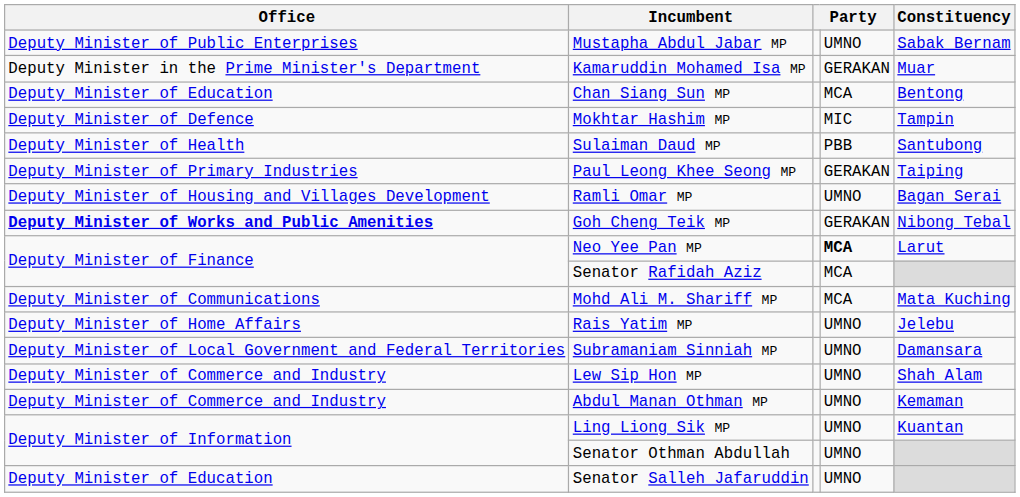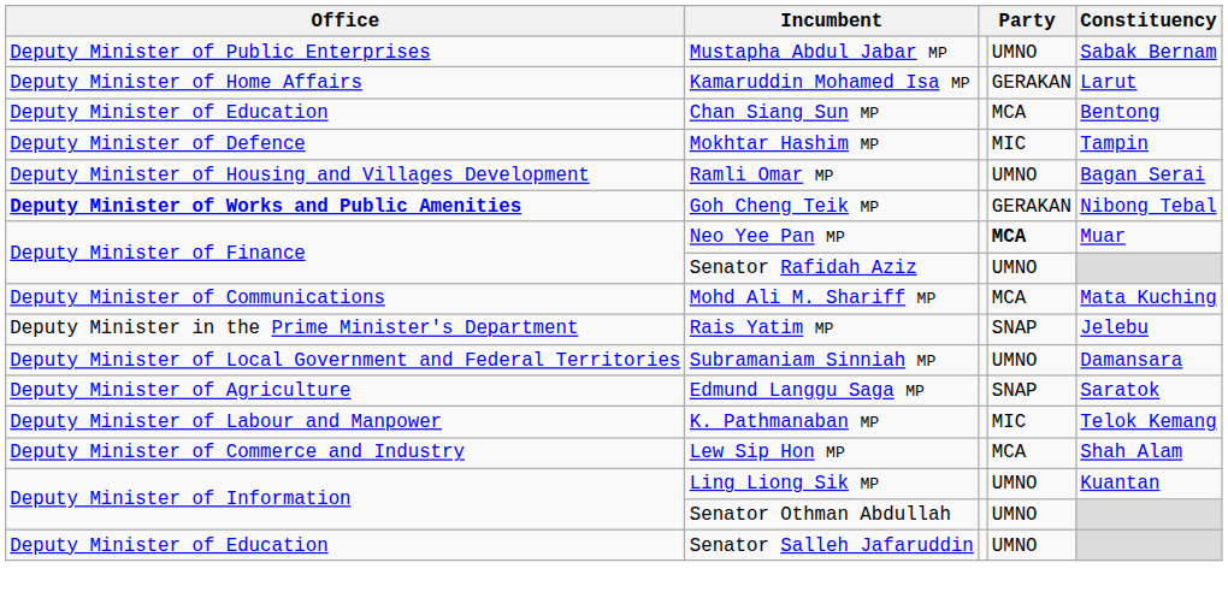 <table class="sortable wikitable">
 <tr>
 <th>Office</th>
 <th>Incumbent</th>
 <th colspan=2>Party</th>
 <th>Constituency</th>
 </tr>
 <tr>
 <td><a href='#'>Deputy Minister of Public Enterprises</a></td>
 <td><a href='#'>Mustapha Abdul Jabar</a> <small>MP</small></td>
 <td rowspan=1></td>
 <td>UMNO</td>
 <td><a href='#'>Sabak Bernam</a></td>
 </tr>
 <tr>
-<td>Deputy Minister in the <a href='#'>Prime Minister's Department</a></td>
+<td><a href='#'>Deputy Minister of Home Affairs</a></td>
 <td><a href='#'>Kamaruddin Mohamed Isa</a> <small>MP</small></td>
 <td rowspan=1></td>
 <td>GERAKAN</td>
-<td><a href='#'>Muar</a></td>
+<td><a href='#'>Larut</a></td>
 </tr>
 <tr>
 <td><a href='#'>Deputy Minister of Education</a></td>
 <td><a href='#'>Chan Siang Sun</a> <small>MP</small></td>
 <td rowspan=1></td>
 <td>MCA</td>
 <td><a href='#'>Bentong</a></td>
 </tr>
 <tr>
 <td><a href='#'>Deputy Minister of Defence</a></td>
 <td><a href='#'>Mokhtar Hashim</a> <small>MP</small></td>
 <td rowspan=1></td>
 <td>MIC</td>
 <td><a href='#'>Tampin</a></td>
-</tr>
-<tr>
-<td><a href='#'>Deputy Minister of Health</a></td>
-<td><a href='#'>Sulaiman Daud</a> <small>MP</small></td>
-<td rowspan=1></td>
-<td>PBB</td>
-<td><a href='#'>Santubong</a></td>
-</tr>
-<tr>
-<td><a href='#'>Deputy Minister of Primary Industries</a></td>
-<td><a href='#'>Paul Leong Khee Seong</a> <small>MP</small></td>
-<td rowspan=1></td>
-<td>GERAKAN</td>
-<td><a href='#'>Taiping</a></td>
 </tr>
 <tr>
 <td><a href='#'>Deputy Minister of Housing and Villages Development</a></td>
 <td><a href='#'>Ramli Omar</a> <small>MP</small></td>
 <td rowspan=1></td>
 <td>UMNO</td>
 <td><a href='#'>Bagan Serai</a></td>
 </tr>
 <tr>
 <td><strong><a href='#'>Deputy Minister of Works and Public Amenities</a></strong></td>
 <td><a href='#'>Goh Cheng Teik</a> <small>MP</small></td>
 <td rowspan=1></td>
 <td>GERAKAN</td>
 <td><a href='#'>Nibong Tebal</a></td>
 </tr>
 <tr>
 <td rowspan=2><a href='#'>Deputy Minister of Finance</a></td>
 <td><a href='#'>Neo Yee Pan</a> <small>MP</small></td>
 <td rowspan=1></td>
 <td><strong>MCA</strong></td>
-<td><a href='#'>Larut</a></td>
+<td><a href='#'>Muar</a></td>
 </tr>
 <tr>
 <td>Senator <a href='#'>Rafidah Aziz</a></td>
 <td rowspan=1></td>
-<td>MCA</td>
+<td>UMNO</td>
 <td bgcolor=dcdcdc></td>
 </tr>
 <tr>
 <td><a href='#'>Deputy Minister of Communications</a></td>
 <td><a href='#'>Mohd Ali M. Shariff</a> <small>MP</small></td>
 <td rowspan=1></td>
 <td>MCA</td>
 <td><a href='#'>Mata Kuching</a></td>
 </tr>
 <tr>
-<td><a href='#'>Deputy Minister of Home Affairs</a></td>
+<td>Deputy Minister in the <a href='#'>Prime Minister's Department</a></td>
 <td><a href='#'>Rais Yatim</a> <small>MP</small></td>
 <td rowspan=1></td>
-<td>UMNO</td>
+<td>SNAP</td>
 <td><a href='#'>Jelebu</a></td>
 </tr>
 <tr>
 <td><a href='#'>Deputy Minister of Local Government and Federal Territories</a></td>
 <td><a href='#'>Subramaniam Sinniah</a> <small>MP</small></td>
 <td rowspan=1></td>
 <td>UMNO</td>
 <td><a href='#'>Damansara</a></td>
 </tr>
 <tr>
+<td><a href='#'>Deputy Minister of Agriculture</a></td>
+<td><a href='#'>Edmund Langgu Saga</a> <small>MP</small></td>
+<td rowspan=1></td>
+<td>SNAP</td>
+<td><a href='#'>Saratok</a></td>
+</tr>
+<tr>
+<td><a href='#'>Deputy Minister of Labour and Manpower</a></td>
+<td><a href='#'>K. Pathmanaban</a> <small>MP</small></td>
+<td rowspan=1></td>
+<td>MIC</td>
+<td><a href='#'>Telok Kemang</a></td>
+</tr>
+<tr>
 <td><a href='#'>Deputy Minister of Commerce and Industry</a></td>
 <td><a href='#'>Lew Sip Hon</a> <small>MP</small></td>
 <td rowspan=1></td>
-<td>UMNO</td>
+<td>MCA</td>
 <td><a href='#'>Shah Alam</a></td>
-</tr>
-<tr>
-<td><a href='#'>Deputy Minister of Commerce and Industry</a></td>
-<td><a href='#'>Abdul Manan Othman</a> <small>MP</small></td>
-<td rowspan=1></td>
-<td>UMNO</td>
-<td><a href='#'>Kemaman</a></td>
 </tr>
 <tr>
 <td rowspan=2><a href='#'>Deputy Minister of Information</a></td>
 <td><a href='#'>Ling Liong Sik</a> <small>MP</small></td>
 <td rowspan=1></td>
 <td>UMNO</td>
 <td><a href='#'>Kuantan</a></td>
 </tr>
 <tr>
 <td>Senator Othman Abdullah</td>
 <td rowspan=1></td>
 <td>UMNO</td>
 <td bgcolor=dcdcdc></td>
 </tr>
 <tr>
 <td><a href='#'>Deputy Minister of Education</a></td>
 <td>Senator <a href='#'>Salleh Jafaruddin</a></td>
 <td rowspan=1></td>
 <td>UMNO</td>
 <td bgcolor=dcdcdc></td>
 </tr>
 </table>
